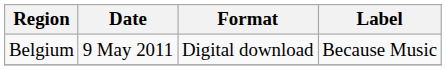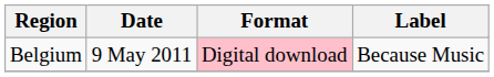 <table class=wikitable>
 <tr>
 <th>Region</th>
 <th>Date</th>
 <th>Format</th>
 <th>Label</th>
 </tr>
 <tr>
 <td>Belgium</td>
 <td>9 May 2011</td>
-<td>Digital download</td>
+<td style="background: pink;">Digital download</td>
 <td>Because Music</td>
 </tr>
 <tr>
 </tr>
 </table>
